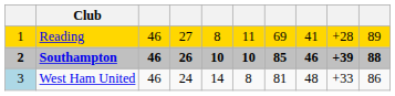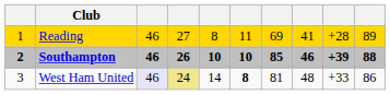 <table class="wikitable" style="text-align:center">
 <tr>
 <th width="30"></th>
 <th>Club</th>
 <th width="30"></th>
 <th width="30"></th>
 <th width="30"></th>
 <th width="30"></th>
 <th width="30"></th>
 <th width="30"></th>
 <th width="30"></th>
 <th width="30"></th>
 </tr>
 <tr bgcolor="gold">
 <td>1</td>
 <td align=left><a href='#'>Reading</a></td>
 <td>46</td>
 <td>27</td>
 <td>8</td>
 <td>11</td>
 <td>69</td>
 <td>41</td>
 <td>+28</td>
 <td>89</td>
 </tr>
 <tr bgcolor="silver">
 <td><strong>2</strong></td>
 <td align=left><strong><a href='#'>Southampton</a></strong></td>
 <td><strong>46</strong></td>
 <td><strong>26</strong></td>
 <td><strong>10</strong></td>
 <td><strong>10</strong></td>
 <td><strong>85</strong></td>
 <td><strong>46</strong></td>
 <td><strong>+39</strong></td>
 <td><strong>88</strong></td>
 </tr>
 <tr>
-<td style="background: lightblue;">3</td>
+<td>3</td>
 <td align=left><a href='#'>West Ham United</a></td>
-<td>46</td>
-<td>24</td>
+<td style="background: lavender;">46</td>
+<td style="background: khaki;">24</td>
 <td>14</td>
-<td>8</td>
+<td><strong>8</strong></td>
 <td>81</td>
 <td>48</td>
 <td>+33</td>
 <td>86</td>
 </tr>
 </table>
